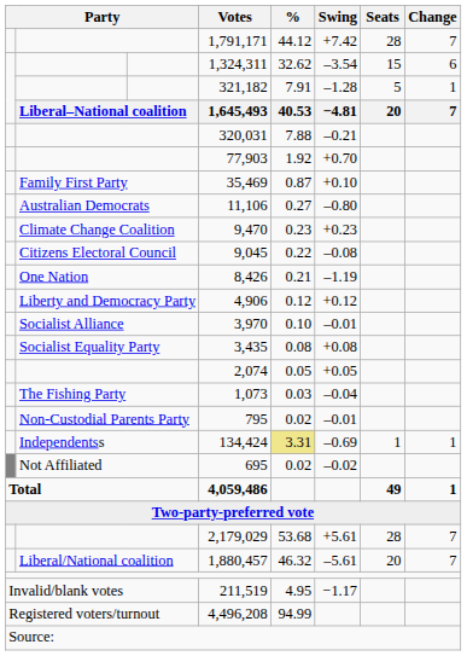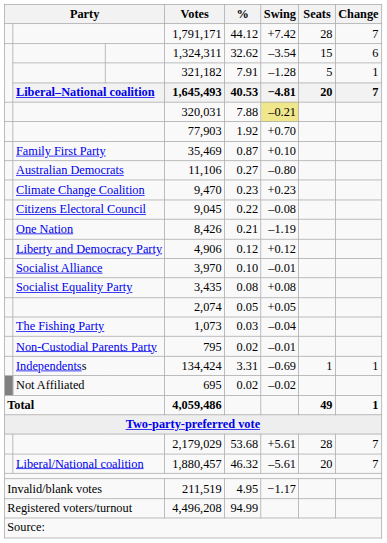 <table class="wikitable">
 <tr>
 <th style="width:200px" colspan=3><strong>Party</strong></th>
 <th style="width:70px; text-align:center;"><strong>Votes</strong></th>
 <th style="width:40px; text-align:center;"><strong>%</strong></th>
 <th style="width:40px; text-align:center;"><strong>Swing</strong></th>
 <th style="width:40px; text-align:center;"><strong>Seats</strong></th>
 <th style="width:40px; text-align:center;"><strong>Change</strong></th>
 </tr>
 <tr>
 <td> </td>
 <td colspan=2></td>
 <td align=right>1,791,171</td>
 <td align=right>44.12</td>
 <td align=right>+7.42</td>
 <td align=right>28</td>
 <td align=right> 7</td>
 </tr>
 <tr>
 <td rowspan="3"></td>
 <td> </td>
 <td></td>
 <td align=right>1,324,311</td>
 <td align=right>32.62</td>
 <td align=right>–3.54</td>
 <td align=right>15</td>
 <td align=right> 6</td>
 </tr>
 <tr>
 <td> </td>
 <td></td>
 <td align=right>321,182</td>
 <td align=right>7.91</td>
 <td align=right>–1.28</td>
 <td align=right>5</td>
 <td align=right> 1</td>
 </tr>
 <tr>
 <th colspan=2  style="text-align:left;"><a href='#'>Liberal–National coalition</a></th>
 <th style="text-align:right;">1,645,493</th>
 <th style="text-align:right;">40.53</th>
 <th style="text-align:right;">−4.81</th>
 <th style="text-align:right;">20</th>
 <th style="text-align:right;"> 7</th>
 </tr>
 <tr>
 <td> </td>
 <td colspan=2></td>
 <td align="right">320,031</td>
 <td align="right">7.88</td>
-<td align="right">–0.21</td>
+<td align="right" style="background: khaki;">–0.21</td>
 <td align="right"></td>
 <td align="right"></td>
 </tr>
 <tr>
 <td> </td>
 <td colspan=2></td>
 <td align="right">77,903</td>
 <td align="right">1.92</td>
 <td align="right">+0.70</td>
 <td align="right"></td>
 <td align="right"></td>
 </tr>
 <tr>
 <td> </td>
 <td colspan=2><a href='#'>Family First Party</a></td>
 <td align="right">35,469</td>
 <td align="right">0.87</td>
 <td align="right">+0.10</td>
 <td align="right"></td>
 <td align="right"></td>
 </tr>
 <tr>
 <td> </td>
 <td colspan=2><a href='#'>Australian Democrats</a></td>
 <td align="right">11,106</td>
 <td align="right">0.27</td>
 <td align="right">–0.80</td>
 <td align="right"></td>
 <td align="right"></td>
 </tr>
 <tr>
 <td> </td>
 <td colspan=2><a href='#'>Climate Change Coalition</a></td>
 <td align="right">9,470</td>
 <td align="right">0.23</td>
 <td align="right">+0.23</td>
 <td align="right"></td>
 <td align="right"></td>
 </tr>
 <tr>
 <td> </td>
 <td colspan=2><a href='#'>Citizens Electoral Council</a></td>
 <td align="right">9,045</td>
 <td align="right">0.22</td>
 <td align="right">–0.08</td>
 <td align="right"></td>
 <td align="right"></td>
 </tr>
 <tr>
 <td> </td>
 <td colspan=2><a href='#'>One Nation</a></td>
 <td align="right">8,426</td>
 <td align="right">0.21</td>
 <td align="right">–1.19</td>
 <td align="right"></td>
 <td align="right"></td>
 </tr>
 <tr>
 <td> </td>
 <td colspan=2><a href='#'>Liberty and Democracy Party</a></td>
 <td align="right">4,906</td>
 <td align="right">0.12</td>
 <td align="right">+0.12</td>
 <td align="right"></td>
 <td align="right"></td>
 </tr>
 <tr>
 <td> </td>
 <td colspan=2><a href='#'>Socialist Alliance</a></td>
 <td align="right">3,970</td>
 <td align="right">0.10</td>
 <td align="right">–0.01</td>
 <td align="right"></td>
 <td align="right"></td>
 </tr>
 <tr>
 <td> </td>
 <td colspan=2><a href='#'>Socialist Equality Party</a></td>
 <td align="right">3,435</td>
 <td align="right">0.08</td>
 <td align="right">+0.08</td>
 <td align="right"></td>
 <td align="right"></td>
 </tr>
 <tr>
 <td> </td>
 <td colspan=2></td>
 <td align="right">2,074</td>
 <td align="right">0.05</td>
 <td align="right">+0.05</td>
 <td align="right"></td>
 <td align="right"></td>
 </tr>
 <tr>
 <td> </td>
 <td colspan=2><a href='#'>The Fishing Party</a></td>
 <td align="right">1,073</td>
 <td align="right">0.03</td>
 <td align="right">–0.04</td>
 <td align="right"></td>
 <td align="right"></td>
 </tr>
 <tr>
 <td> </td>
 <td colspan=2><a href='#'>Non-Custodial Parents Party</a></td>
 <td align="right">795</td>
 <td align="right">0.02</td>
 <td align="right">–0.01</td>
 <td align="right"></td>
 <td align="right"></td>
 </tr>
 <tr>
 <td> </td>
 <td colspan=2><a href='#'>Independents</a>s</td>
 <td align="right">134,424</td>
-<td align="right" style="background: khaki;">3.31</td>
+<td align="right">3.31</td>
 <td align="right">–0.69</td>
 <td align="right">1</td>
 <td align="right"> 1</td>
 </tr>
 <tr>
 <td style="background:gray;"> </td>
 <td colspan=2>Not Affiliated</td>
 <td align="right">695</td>
 <td align="right">0.02</td>
 <td align="right">–0.02</td>
 <td align="right"></td>
 <td align="right"></td>
 </tr>
 <tr>
 <td colspan="3"><strong>Total</strong></td>
 <td align="right"><strong>4,059,486</strong></td>
 <td align="right"></td>
 <td align="right"></td>
 <td align="right"><strong>49</strong></td>
 <td align="right"><strong> 1</strong></td>
 </tr>
 <tr>
 <td colspan="8" style="text-align:center; background:#eee;"><strong><a href='#'>Two-party-preferred vote</a></strong></td>
 </tr>
 <tr>
 <td> </td>
 <td colspan=2></td>
 <td align=right>2,179,029</td>
 <td align="right">53.68</td>
 <td align="right">+5.61</td>
 <td align="right">28</td>
 <td align="right"> 7</td>
 </tr>
 <tr>
 <td> </td>
 <td colspan=2><a href='#'>Liberal/National coalition</a></td>
 <td align="right">1,880,457</td>
 <td align="right">46.32</td>
 <td align="right">–5.61</td>
 <td align="right">20</td>
 <td align="right"> 7</td>
 </tr>
 <tr>
 <td colspan=8></td>
 </tr>
 <tr>
 <td colspan=3 align=left>Invalid/blank votes</td>
 <td align=right>211,519</td>
 <td align=right>4.95</td>
 <td align=right>−1.17</td>
 <td></td>
 <td></td>
 </tr>
 <tr>
 <td colspan=3 align=left>Registered voters/turnout</td>
 <td align=right>4,496,208</td>
 <td align=right>94.99</td>
 <td></td>
 <td></td>
 <td></td>
 </tr>
 <tr>
 <td colspan=8 align=left>Source: </td>
 </tr>
 </table>
